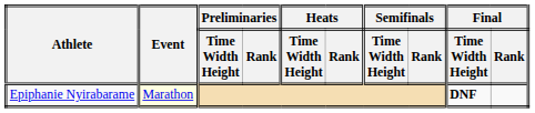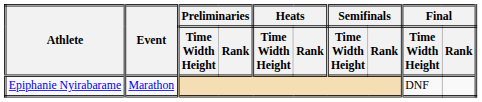 <table class=wikitable style="font-size:90%; border: double;">
 <tr>
 <th rowspan="2" style="border-right:double">Athlete</th>
 <th rowspan="2" style="border-right:double">Event</th>
 <th colspan="2" style="border-right:double; border-bottom:double;">Preliminaries</th>
 <th colspan="2" style="border-right:double; border-bottom:double;">Heats</th>
 <th colspan="2" style="border-right:double; border-bottom:double;">Semifinals</th>
 <th colspan="2" style="border-right:double; border-bottom:double;">Final</th>
 </tr>
 <tr>
 <th>Time<br>Width<br>Height</th>
 <th style="border-right:double">Rank</th>
 <th>Time<br>Width<br>Height</th>
 <th style="border-right:double">Rank</th>
 <th>Time<br>Width<br>Height</th>
 <th style="border-right:double">Rank</th>
 <th>Time<br>Width<br>Height</th>
 <th style="border-right:double">Rank</th>
 </tr>
 <tr style="border-top: double;">
 <td style="border-right:double"><a href='#'>Epiphanie Nyirabarame</a></td>
-<td style="background: lightyellow; border-right:double"><a href='#'>Marathon</a></td>
+<td style="border-right:double"><a href='#'>Marathon</a></td>
 <td style="border-right:double" colspan= 6 bgcolor="wheat"></td>
-<td><strong>DNF</strong></td>
+<td>DNF</td>
 <td></td>
 </tr>
 </table>
